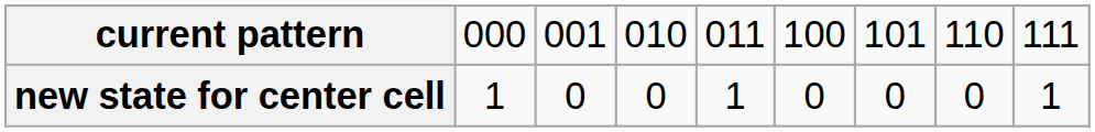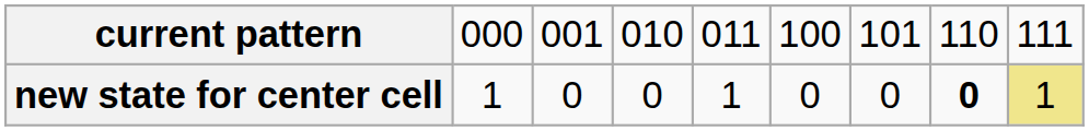 <table class="wikitable" style="text-align: center">
 <tr>
 <th>current pattern</th>
 <td>000</td>
 <td>001</td>
 <td>010</td>
 <td>011</td>
 <td>100</td>
 <td>101</td>
 <td>110</td>
 <td>111</td>
 </tr>
 <tr>
 <th>new state for center cell</th>
 <td>1</td>
 <td>0</td>
 <td>0</td>
 <td>1</td>
 <td>0</td>
 <td>0</td>
-<td>0</td>
-<td>1</td>
+<td><strong>0</strong></td>
+<td style="background: khaki;">1</td>
 </tr>
 </table>
